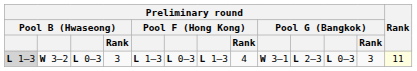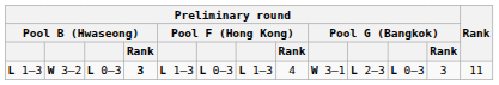 <table class="wikitable" style="font-size:100%;">
 <tr>
 <th colspan=12>Preliminary round</th>
 <th rowspan=3>Rank</th>
 </tr>
 <tr>
 <th colspan=4>Pool B (Hwaseong)</th>
 <th colspan=4>Pool F (Hong Kong)</th>
 <th colspan=4>Pool G (Bangkok)</th>
 </tr>
 <tr>
 <th></th>
 <th></th>
 <th></th>
 <th>Rank</th>
 <th></th>
 <th></th>
 <th></th>
 <th>Rank</th>
 <th></th>
 <th></th>
 <th></th>
 <th>Rank</th>
 </tr>
 <tr align=center>
-<td style="background: lightgrey;"><strong>L</strong> 1–3</td>
+<td><strong>L</strong> 1–3</td>
 <td><strong>W</strong> 3–2</td>
 <td><strong>L</strong> 0–3</td>
-<td>3</td>
+<td><strong>3</strong></td>
 <td><strong>L</strong> 1–3</td>
 <td><strong>L</strong> 0–3</td>
 <td><strong>L</strong> 1–3</td>
 <td>4</td>
 <td><strong>W</strong> 3–1</td>
 <td><strong>L</strong> 2–3</td>
 <td><strong>L</strong> 0–3</td>
 <td>3</td>
-<td style="background: lightyellow;">11</td>
+<td>11</td>
 </tr>
 </table>
